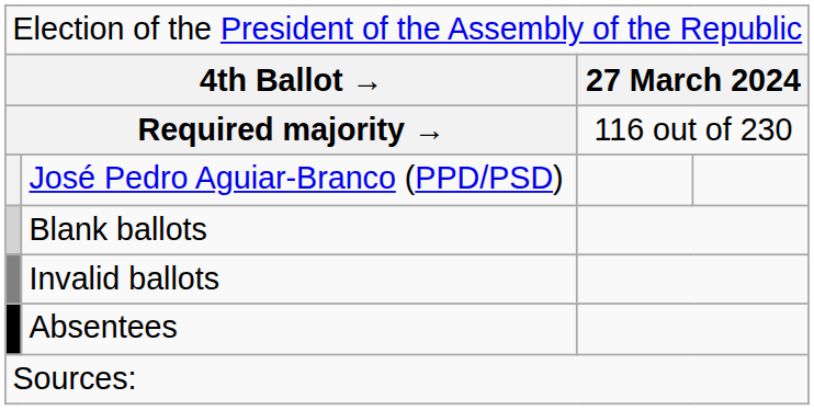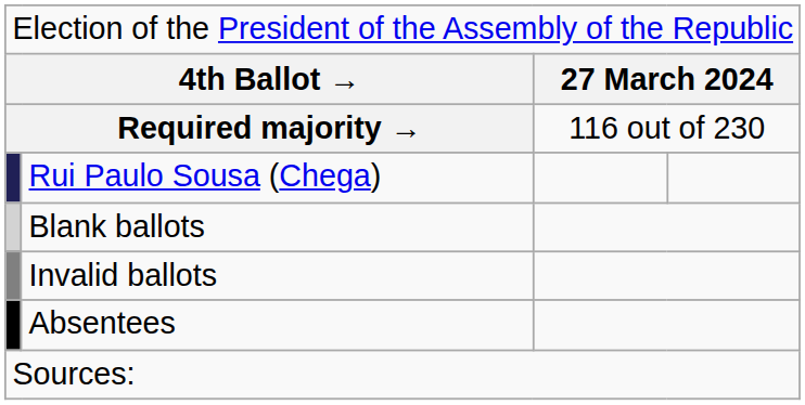 <table class="wikitable" style="text-align:center;">
 <tr>
 <td colspan="4" align="center">Election of the <a href='#'>President of the Assembly of the Republic</a></td>
 </tr>
 <tr>
 <th colspan="2" width="225px">4th Ballot →</th>
 <th colspan="2">27 March 2024</th>
 </tr>
 <tr>
 <th colspan="2">Required majority →</th>
 <td colspan="2">116 out of 230</td>
 </tr>
 <tr>
-<th width="1px" style="background:"></th>
-<td align="left"><a href='#'>José Pedro Aguiar-Branco</a> (<a href='#'>PPD/PSD</a>)</td>
+<th width="1px" style="background:#202056;"></th>
+<td align="left"><a href='#'>Rui Paulo Sousa</a> (<a href='#'>Chega</a>)</td>
 <td></td>
 <td></td>
 </tr>
 <tr>
 <th style="background:lightgray;"></th>
 <td align="left">Blank ballots</td>
 <td colspan="2"></td>
 </tr>
 <tr>
 <th style="background:gray;"></th>
 <td align="left">Invalid ballots</td>
 <td colspan="2"></td>
 </tr>
 <tr>
 <th style="background:black;"></th>
 <td align="left">Absentees</td>
 <td colspan="2"></td>
 </tr>
 <tr>
 <td align="left" colspan="4">Sources: </td>
 </tr>
 </table>
